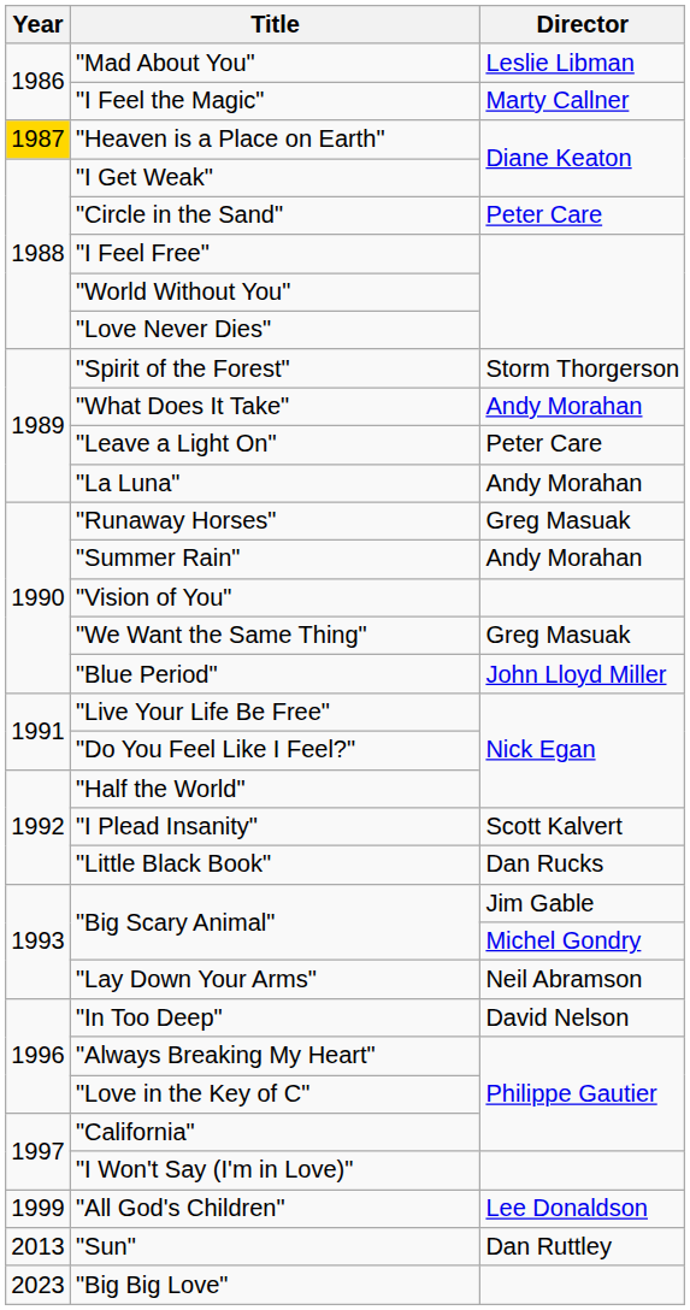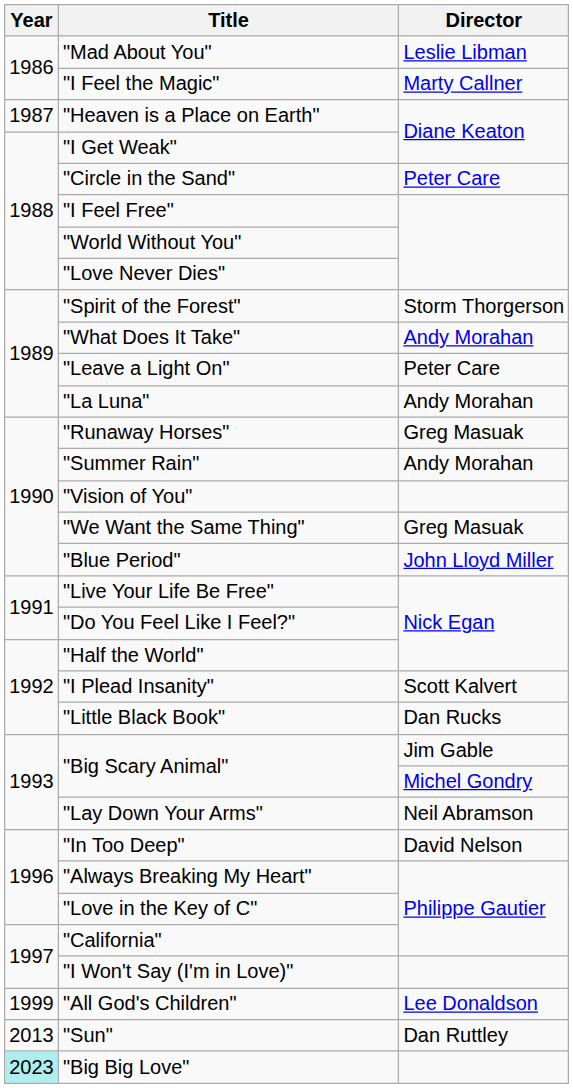 <table class="wikitable">
 <tr>
 <th>Year</th>
 <th width=265>Title</th>
 <th>Director</th>
 </tr>
 <tr>
 <td rowspan=2 align=center>1986</td>
 <td>"Mad About You"</td>
 <td><a href='#'>Leslie Libman</a></td>
 </tr>
 <tr>
 <td>"I Feel the Magic"</td>
 <td><a href='#'>Marty Callner</a></td>
 </tr>
 <tr>
-<td align=center style="background: gold;">1987</td>
+<td align=center>1987</td>
 <td>"Heaven is a Place on Earth"</td>
 <td rowspan=2><a href='#'>Diane Keaton</a></td>
 </tr>
 <tr>
 <td rowspan=5 align=center>1988</td>
 <td>"I Get Weak"</td>
 </tr>
 <tr>
 <td>"Circle in the Sand"</td>
 <td><a href='#'>Peter Care</a></td>
 </tr>
 <tr>
 <td>"I Feel Free"</td>
 <td rowspan=3></td>
 </tr>
 <tr>
 <td>"World Without You"</td>
 </tr>
 <tr>
 <td>"Love Never Dies"</td>
 </tr>
 <tr>
 <td rowspan=4 align=center>1989</td>
 <td>"Spirit of the Forest" </td>
 <td>Storm Thorgerson</td>
 </tr>
 <tr>
 <td>"What Does It Take" </td>
 <td><a href='#'>Andy Morahan</a></td>
 </tr>
 <tr>
 <td>"Leave a Light On"</td>
 <td>Peter Care</td>
 </tr>
 <tr>
 <td>"La Luna"</td>
 <td>Andy Morahan</td>
 </tr>
 <tr>
 <td rowspan=5 align=center>1990</td>
 <td>"Runaway Horses"</td>
 <td>Greg Masuak</td>
 </tr>
 <tr>
 <td>"Summer Rain"</td>
 <td>Andy Morahan</td>
 </tr>
 <tr>
 <td>"Vision of You"</td>
 <td></td>
 </tr>
 <tr>
 <td>"We Want the Same Thing"</td>
 <td>Greg Masuak</td>
 </tr>
 <tr>
 <td>"Blue Period" </td>
 <td><a href='#'>John Lloyd Miller</a></td>
 </tr>
 <tr>
 <td rowspan=2 align=center>1991</td>
 <td>"Live Your Life Be Free"</td>
 <td rowspan=3><a href='#'>Nick Egan</a></td>
 </tr>
 <tr>
 <td>"Do You Feel Like I Feel?"</td>
 </tr>
 <tr>
 <td rowspan=3 align=center>1992</td>
 <td>"Half the World"</td>
 </tr>
 <tr>
 <td>"I Plead Insanity"</td>
 <td>Scott Kalvert</td>
 </tr>
 <tr>
 <td>"Little Black Book"</td>
 <td>Dan Rucks</td>
 </tr>
 <tr>
 <td rowspan=3 align=center>1993</td>
 <td rowspan=2>"Big Scary Animal"</td>
 <td>Jim Gable </td>
 </tr>
 <tr>
 <td><a href='#'>Michel Gondry</a> </td>
 </tr>
 <tr>
 <td>"Lay Down Your Arms"</td>
 <td>Neil Abramson</td>
 </tr>
 <tr>
 <td rowspan=3 align=center>1996</td>
 <td>"In Too Deep"</td>
 <td>David Nelson</td>
 </tr>
 <tr>
 <td>"Always Breaking My Heart"</td>
 <td rowspan=3><a href='#'>Philippe Gautier</a></td>
 </tr>
 <tr>
 <td>"Love in the Key of C"</td>
 </tr>
 <tr>
 <td rowspan=2 align=center>1997</td>
 <td>"California"</td>
 </tr>
 <tr>
 <td>"I Won't Say (I'm in Love)"</td>
 <td></td>
 </tr>
 <tr>
 <td align=center>1999</td>
 <td>"All God's Children"</td>
 <td><a href='#'>Lee Donaldson</a></td>
 </tr>
 <tr>
 <td align=center>2013</td>
 <td>"Sun"</td>
 <td>Dan Ruttley</td>
 </tr>
 <tr>
-<td align=center>2023</td>
+<td align=center style="background: paleturquoise;">2023</td>
 <td>"Big Big Love"</td>
 <td></td>
 </tr>
 </table>
